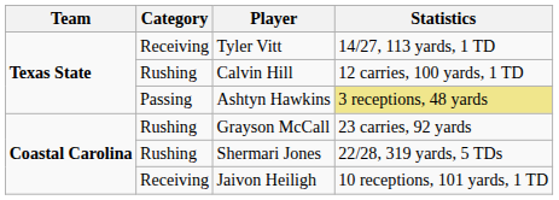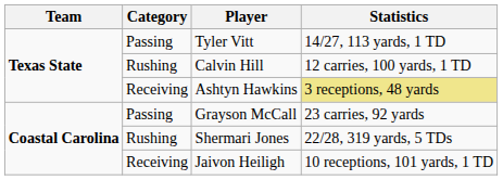 <table class="wikitable" style="float: left;">
 <tr>
 <th>Team</th>
 <th>Category</th>
 <th>Player</th>
 <th>Statistics</th>
 </tr>
 <tr>
 <td rowspan=3><strong>Texas State</strong></td>
-<td>Receiving</td>
+<td>Passing</td>
 <td>Tyler Vitt</td>
 <td>14/27, 113 yards, 1 TD</td>
 </tr>
 <tr>
 <td>Rushing</td>
 <td>Calvin Hill</td>
 <td>12 carries, 100 yards, 1 TD</td>
 </tr>
 <tr>
-<td>Passing</td>
+<td>Receiving</td>
 <td>Ashtyn Hawkins</td>
 <td style="background: khaki;">3 receptions, 48 yards</td>
 </tr>
 <tr>
 <td rowspan=3><strong>Coastal Carolina</strong></td>
-<td>Rushing</td>
+<td>Passing</td>
 <td>Grayson McCall</td>
 <td>23 carries, 92 yards</td>
 </tr>
 <tr>
 <td>Rushing</td>
 <td>Shermari Jones</td>
 <td>22/28, 319 yards, 5 TDs</td>
 </tr>
 <tr>
 <td>Receiving</td>
 <td>Jaivon Heiligh</td>
 <td>10 receptions, 101 yards, 1 TD</td>
 </tr>
 </table>
